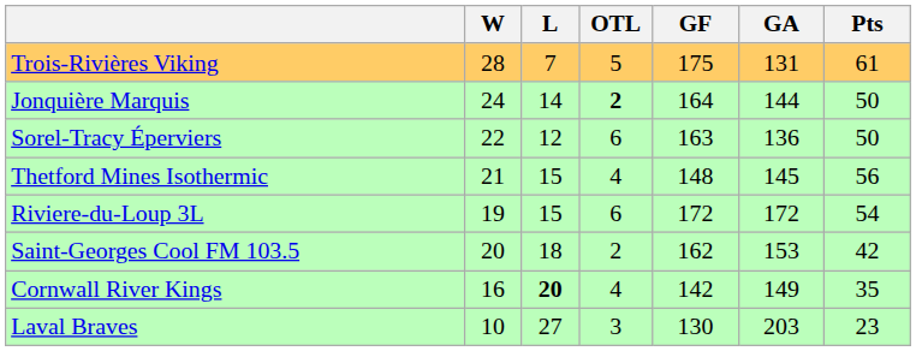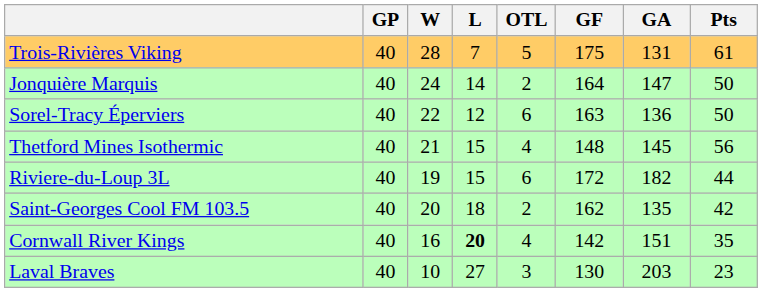 <table class="wikitable">
 <tr>
 <th width="40%" bgcolor="#e0e0e0"></th>
+<th width="5%" bgcolor="#e0e0e0">GP</th>
 <th width="5%" bgcolor="#e0e0e0">W</th>
 <th width="5%" bgcolor="#e0e0e0">L</th>
 <th width="5%" bgcolor="#e0e0e0">OTL</th>
 <th width="7.5%" bgcolor="#e0e0e0">GF</th>
 <th width="7.5%" bgcolor="#e0e0e0">GA</th>
 <th width="7.5%" bgcolor="#e0e0e0">Pts</th>
 </tr>
 <tr align="center" bgcolor="#FFCC66">
 <td align="left"><a href='#'>Trois-Rivières Viking</a></td>
+<td>40</td>
 <td>28</td>
 <td>7</td>
 <td>5</td>
 <td>175</td>
 <td>131</td>
 <td>61</td>
 </tr>
 <tr align="center" bgcolor="#bbffbb">
 <td align="left"><a href='#'>Jonquière Marquis</a></td>
+<td>40</td>
 <td>24</td>
 <td>14</td>
-<td><strong>2</strong></td>
+<td>2</td>
 <td>164</td>
-<td>144</td>
+<td>147</td>
 <td>50</td>
 </tr>
 <tr align="center" bgcolor="#bbffbb">
 <td align="left"><a href='#'>Sorel-Tracy Éperviers</a></td>
+<td>40</td>
 <td>22</td>
 <td>12</td>
 <td>6</td>
 <td>163</td>
 <td>136</td>
 <td>50</td>
 </tr>
 <tr align="center" bgcolor="#bbffbb">
 <td align="left"><a href='#'>Thetford Mines Isothermic</a></td>
+<td>40</td>
 <td>21</td>
 <td>15</td>
 <td>4</td>
 <td>148</td>
 <td>145</td>
 <td>56</td>
 </tr>
 <tr align="center" bgcolor="#bbffbb">
 <td align="left"><a href='#'>Riviere-du-Loup 3L</a></td>
+<td>40</td>
 <td>19</td>
 <td>15</td>
 <td>6</td>
 <td>172</td>
-<td>172</td>
-<td>54</td>
+<td>182</td>
+<td>44</td>
 </tr>
 <tr align="center" bgcolor="#bbffbb">
 <td align="left"><a href='#'>Saint-Georges Cool FM 103.5</a></td>
+<td>40</td>
 <td>20</td>
 <td>18</td>
 <td>2</td>
 <td>162</td>
-<td>153</td>
+<td>135</td>
 <td>42</td>
 </tr>
 <tr align="center" bgcolor="#bbffbb">
 <td align="left"><a href='#'>Cornwall River Kings</a></td>
+<td>40</td>
 <td>16</td>
 <td><strong>20</strong></td>
 <td>4</td>
 <td>142</td>
-<td>149</td>
+<td>151</td>
 <td>35</td>
 </tr>
 <tr align="center" bgcolor="#bbffbb">
 <td align="left"><a href='#'>Laval Braves</a></td>
+<td>40</td>
 <td>10</td>
 <td>27</td>
 <td>3</td>
 <td>130</td>
 <td>203</td>
 <td>23</td>
 </tr>
 </table>
